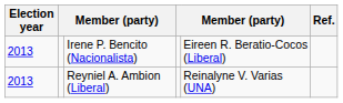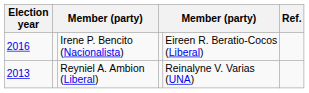 <table class="wikitable" style="font-size:90%">
 <tr>
 <th width="60px">Election<br>year</th>
 <th colspan="2" width="140px">Member (party)</th>
 <th colspan="2" width="140px">Member (party)</th>
 <th>Ref.</th>
 </tr>
 <tr>
-<td><a href='#'>2013</a></td>
+<td><a href='#'>2016</a></td>
 <td></td>
 <td>Irene P. Bencito<br>(<a href='#'>Nacionalista</a>)</td>
 <td></td>
 <td>Eireen R. Beratio-Cocos<br>(<a href='#'>Liberal</a>)</td>
 <td></td>
 </tr>
 <tr>
 <td><a href='#'>2013</a></td>
 <td></td>
 <td>Reyniel A. Ambion<br>(<a href='#'>Liberal</a>)</td>
 <td></td>
 <td>Reinalyne V. Varias<br>(<a href='#'>UNA</a>)</td>
 <td></td>
 </tr>
 </table>
